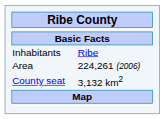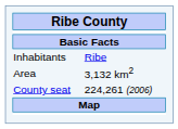 <table colspan="4" width=250 style="border: 1px solid #6688AA; background-color:#f0f6fa; margin:0.5em; padding:0.5em; float:right" valign="top" |>
 <tr>
 <td style="border: 1px solid #1188AA; background-color:#c0ccfa" align="center" colspan="2"><big><strong>Ribe County</strong></big><br></td>
 </tr>
 <tr>
 <td bgcolor=#FFFFFF align="center" colspan="2"></td>
 </tr>
 <tr>
 <td style="border: 1px solid #1188AA; background-color:#c0ccfa" align="center" colspan="2"><strong>Basic Facts</strong></td>
 </tr>
 <tr>
 <td>Inhabitants</td>
 <td><a href='#'>Ribe</a></td>
 </tr>
 <tr>
 <td>Area</td>
-<td>224,261 <small><em>(2006)</em></small></td>
+<td>3,132 km<sup>2</sup></td>
 </tr>
 <tr>
 <td><a href='#'>County seat</a></td>
-<td>3,132 km<sup>2</sup></td>
+<td>224,261 <small><em>(2006)</em></small></td>
 </tr>
 <tr>
 <td style="border: 1px solid #1188AA; background-color:#c0ccfa" align="center" colspan="2"><strong>Map</strong></td>
 </tr>
 <tr>
 <td bgcolor=#FFFFFF align="center" colspan="2"></td>
 </tr>
 <tr>
 </tr>
 </table>
